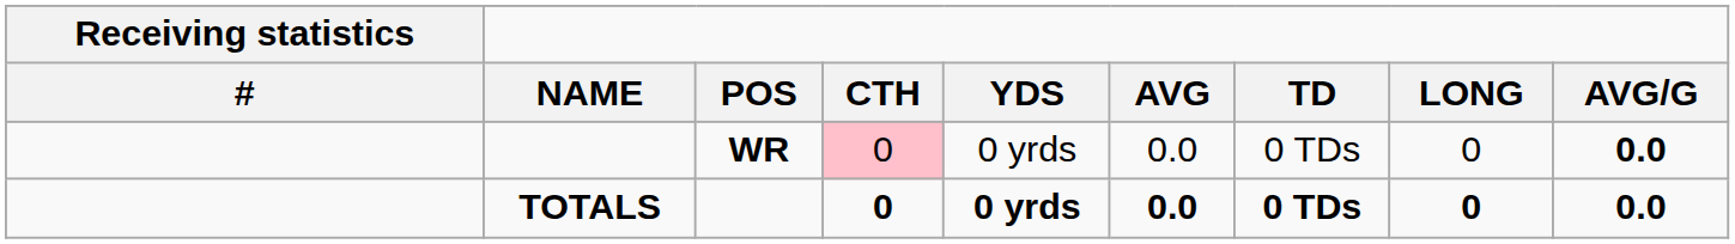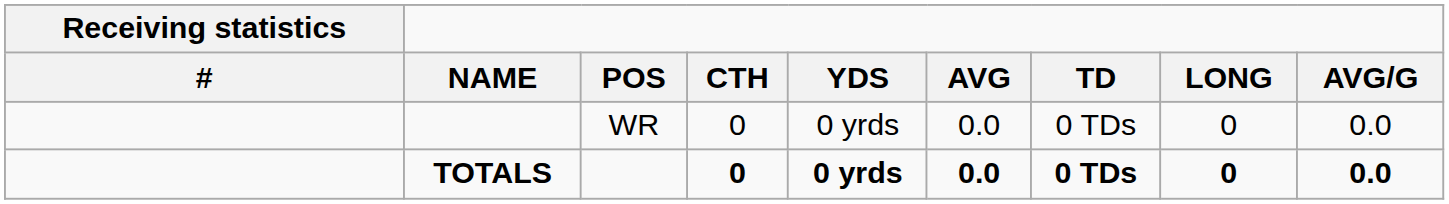 <table class="wikitable collapsible collapsed" style="width:60%; text-align:center;">
 <tr>
 <th style="text-align:center; ">Receiving statistics</th>
 </tr>
 <tr>
 <th>#</th>
 <th>NAME</th>
 <th>POS</th>
 <th>CTH</th>
 <th>YDS</th>
 <th>AVG</th>
 <th>TD</th>
 <th>LONG</th>
 <th>AVG/G</th>
 </tr>
 <tr>
 <td></td>
 <td></td>
-<td><strong>WR</strong></td>
-<td style="background: pink;">0</td>
+<td>WR</td>
+<td>0</td>
 <td>0 yrds</td>
 <td>0.0</td>
 <td>0 TDs</td>
 <td>0</td>
-<td><strong>0.0</strong></td>
+<td>0.0</td>
 </tr>
 <tr>
 <td></td>
 <td><strong>TOTALS</strong></td>
 <td></td>
 <td><strong>0</strong></td>
 <td><strong>0 yrds</strong></td>
 <td><strong>0.0</strong></td>
 <td><strong>0 TDs</strong></td>
 <td><strong>0</strong></td>
 <td><strong>0.0</strong></td>
 </tr>
 </table>
